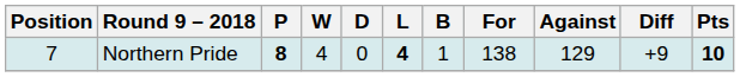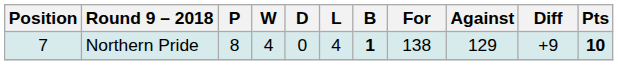 <table class="wikitable" style="text-align:center; font-size:85%;">
 <tr style="background: #d7ebed;">
 <th width="40" abbr="Position">Position</th>
 <th width="100">Round 9 – 2018</th>
 <th width="20" abbr="Played">P</th>
 <th width="20" abbr="Won">W</th>
 <th width="20" abbr="Drawn">D</th>
 <th width="20" abbr="Lost">L</th>
 <th width="20" abbr="Bye">B</th>
 <th width="40" abbr="Points for">For</th>
 <th width="40" abbr="Points against">Against</th>
 <th width="40" abbr="Points difference">Diff</th>
 <th width=20 abbr="Points">Pts</th>
 </tr>
 <tr style="background: #d7ebed;">
 <td>7</td>
 <td style="text-align:left;"> Northern Pride</td>
-<td><strong>8</strong></td>
+<td>8</td>
 <td>4</td>
 <td>0</td>
-<td><strong>4</strong></td>
-<td>1</td>
+<td>4</td>
+<td><strong>1</strong></td>
 <td>138</td>
 <td>129</td>
 <td>+9</td>
 <td><strong>10</strong></td>
 </tr>
 <tr>
 </tr>
 </table>
